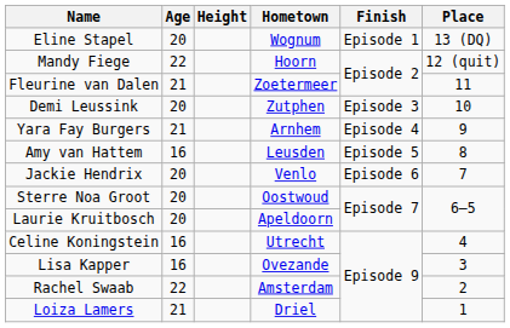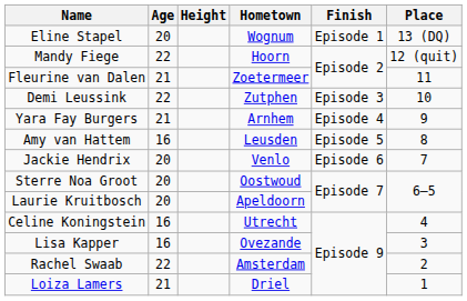 <table class="wikitable sortable" style="text-align:center;">
 <tr>
 <th>Name</th>
 <th>Age</th>
 <th>Height</th>
 <th>Hometown</th>
 <th>Finish</th>
 <th>Place</th>
 </tr>
 <tr>
 <td>Eline Stapel</td>
 <td>20</td>
 <td></td>
 <td><a href='#'>Wognum</a></td>
 <td>Episode 1</td>
 <td>13 (DQ)</td>
 </tr>
 <tr>
 <td>Mandy Fiege</td>
 <td>22</td>
 <td></td>
 <td><a href='#'>Hoorn</a></td>
 <td rowspan="2">Episode 2</td>
 <td>12 (quit)</td>
 </tr>
 <tr>
 <td>Fleurine van Dalen</td>
 <td>21</td>
 <td></td>
 <td><a href='#'>Zoetermeer</a></td>
 <td>11</td>
 </tr>
 <tr>
 <td>Demi Leussink</td>
-<td>20</td>
+<td>22</td>
 <td></td>
 <td><a href='#'>Zutphen</a></td>
 <td>Episode 3</td>
 <td>10</td>
 </tr>
 <tr>
 <td>Yara Fay Burgers</td>
 <td>21</td>
 <td></td>
 <td><a href='#'>Arnhem</a></td>
 <td>Episode 4</td>
 <td>9</td>
 </tr>
 <tr>
 <td>Amy van Hattem</td>
 <td>16</td>
 <td></td>
 <td><a href='#'>Leusden</a></td>
 <td>Episode 5</td>
 <td>8</td>
 </tr>
 <tr>
 <td>Jackie Hendrix</td>
 <td>20</td>
 <td></td>
 <td><a href='#'>Venlo</a></td>
 <td>Episode 6</td>
 <td>7</td>
 </tr>
 <tr>
 <td>Sterre Noa Groot</td>
 <td>20</td>
 <td></td>
 <td><a href='#'>Oostwoud</a></td>
 <td rowspan="2">Episode 7</td>
 <td rowspan="2">6–5</td>
 </tr>
 <tr>
 <td>Laurie Kruitbosch</td>
 <td>20</td>
 <td></td>
 <td><a href='#'>Apeldoorn</a></td>
 </tr>
 <tr>
 <td>Celine Koningstein</td>
 <td>16</td>
 <td></td>
 <td><a href='#'>Utrecht</a></td>
 <td rowspan="4">Episode 9</td>
 <td>4</td>
 </tr>
 <tr>
 <td>Lisa Kapper</td>
 <td>16</td>
 <td></td>
 <td><a href='#'>Ovezande</a></td>
 <td>3</td>
 </tr>
 <tr>
 <td>Rachel Swaab</td>
 <td>22</td>
 <td></td>
 <td><a href='#'>Amsterdam</a></td>
 <td>2</td>
 </tr>
 <tr>
 <td><a href='#'>Loiza Lamers</a></td>
 <td>21</td>
 <td></td>
 <td><a href='#'>Driel</a></td>
 <td>1</td>
 </tr>
 </table>
